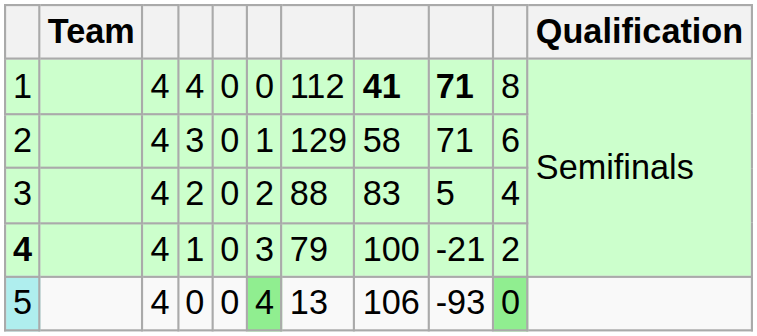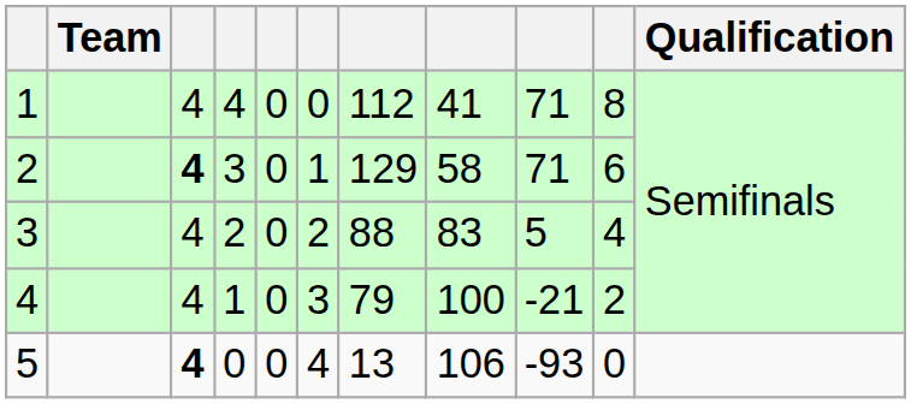 <table class="wikitable">
 <tr>
 <th></th>
 <th>Team</th>
 <th></th>
 <th></th>
 <th></th>
 <th></th>
 <th></th>
 <th></th>
 <th></th>
 <th></th>
 <th>Qualification</th>
 </tr>
 <tr bgcolor=ccffcc>
 <td>1</td>
 <td></td>
 <td>4</td>
 <td>4</td>
 <td>0</td>
 <td>0</td>
 <td>112</td>
-<td><strong>41</strong></td>
-<td><strong>71</strong></td>
+<td>41</td>
+<td>71</td>
 <td>8</td>
 <td rowspan=4>Semifinals</td>
 </tr>
 <tr bgcolor=ccffcc>
 <td>2</td>
 <td></td>
-<td>4</td>
+<td><strong>4</strong></td>
 <td>3</td>
 <td>0</td>
 <td>1</td>
 <td>129</td>
 <td>58</td>
 <td>71</td>
 <td>6</td>
 </tr>
 <tr bgcolor=ccffcc>
 <td>3</td>
 <td></td>
 <td>4</td>
 <td>2</td>
 <td>0</td>
 <td>2</td>
 <td>88</td>
 <td>83</td>
 <td>5</td>
 <td>4</td>
 </tr>
 <tr bgcolor=ccffcc>
-<td><strong>4</strong></td>
+<td>4</td>
 <td></td>
 <td>4</td>
 <td>1</td>
 <td>0</td>
 <td>3</td>
 <td>79</td>
 <td>100</td>
 <td>-21</td>
 <td>2</td>
 </tr>
 <tr>
-<td style="background: paleturquoise;">5</td>
+<td>5</td>
 <td></td>
-<td>4</td>
+<td><strong>4</strong></td>
 <td>0</td>
 <td>0</td>
-<td style="background: lightgreen;">4</td>
+<td>4</td>
 <td>13</td>
 <td>106</td>
 <td>-93</td>
-<td style="background: lightgreen;">0</td>
+<td>0</td>
 </tr>
 </table>
